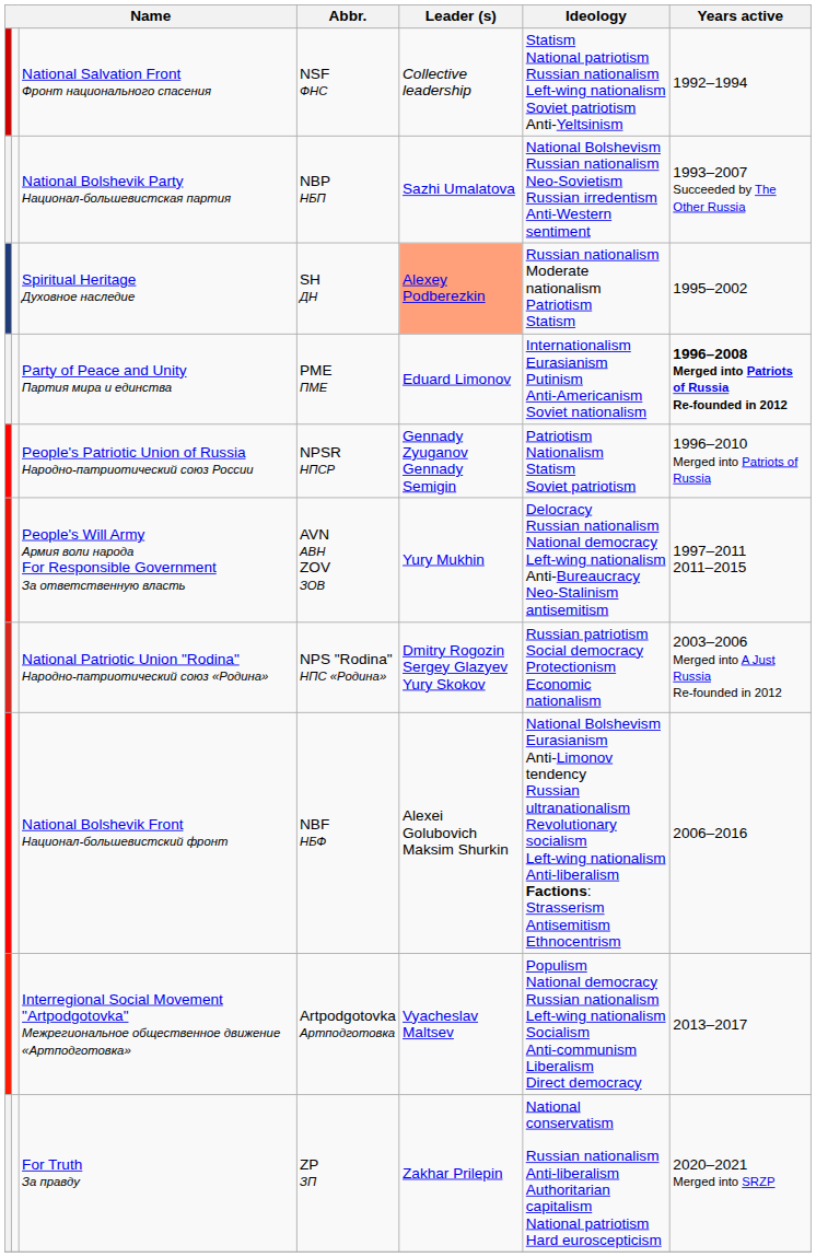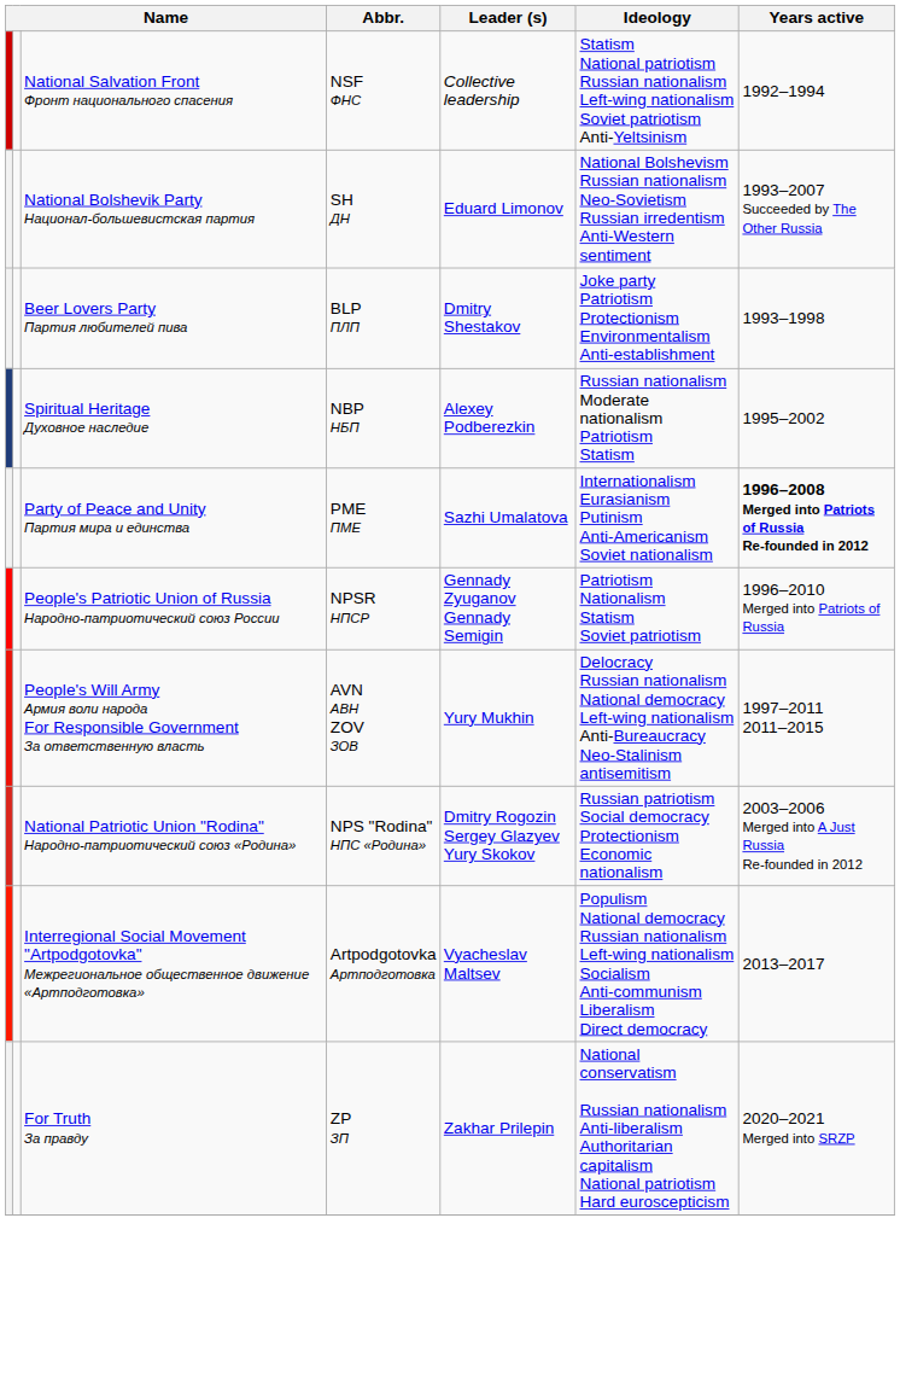 <table class="wikitable sortable">
 <tr>
 <th colspan=3>Name</th>
 <th>Abbr.</th>
 <th>Leader (s)</th>
 <th>Ideology</th>
 <th>Years active</th>
 </tr>
 <tr>
 <th style="background:#CD0000;"></th>
 <td></td>
 <td><a href='#'>National Salvation Front</a><br><small><em>Фронт национального спасения</em></small></td>
 <td>NSF<br><small><em>ФНС</em></small></td>
 <td><em>Collective leadership</em></td>
 <td><a href='#'>Statism</a><br><a href='#'>National patriotism</a><br><a href='#'>Russian nationalism</a><br><a href='#'>Left-wing nationalism</a><br><a href='#'>Soviet patriotism</a><br>Anti-<a href='#'>Yeltsinism</a></td>
 <td>1992–1994<br></td>
 </tr>
 <tr>
 <th style="background:"></th>
 <td></td>
 <td><a href='#'>National Bolshevik Party</a><br><small><em>Национал-большевистская партия</em></small></td>
-<td>NBP<br><small><em>НБП</em></small></td>
-<td><a href='#'>Sazhi Umalatova</a></td>
+<td>SH<br><small><em>ДН</em></small></td>
+<td><a href='#'>Eduard Limonov</a></td>
 <td><a href='#'>National Bolshevism</a><br><a href='#'>Russian nationalism</a><br><a href='#'>Neo-Sovietism</a><br><a href='#'>Russian irredentism</a><br><a href='#'>Anti-Western sentiment</a></td>
 <td>1993–2007<br><small>Succeeded by <a href='#'>The Other Russia</a></small></td>
+</tr>
+<tr>
+<th style="background:"></th>
+<td></td>
+<td><a href='#'>Beer Lovers Party</a><br><small><em>Партия любителей пива</em></small></td>
+<td>BLP<br><small><em>ПЛП</em></small></td>
+<td><a href='#'>Dmitry Shestakov</a><br></td>
+<td><a href='#'>Joke party</a><br><a href='#'>Patriotism</a><br><a href='#'>Protectionism</a><br><a href='#'>Environmentalism</a><br><a href='#'>Anti-establishment</a></td>
+<td>1993–1998</td>
 </tr>
 <tr>
 <th style="background:#1F3C79;"></th>
 <td></td>
 <td><a href='#'>Spiritual Heritage</a><br><small><em>Духовное наследие</em></small></td>
-<td>SH<br><small><em>ДН</em></small></td>
-<td style="background: lightsalmon;"><a href='#'>Alexey Podberezkin</a></td>
+<td>NBP<br><small><em>НБП</em></small></td>
+<td><a href='#'>Alexey Podberezkin</a></td>
 <td><a href='#'>Russian nationalism</a><br>Moderate nationalism<br><a href='#'>Patriotism</a><br><a href='#'>Statism</a></td>
 <td>1995–2002</td>
 </tr>
 <tr>
 <th style="background:"></th>
 <td></td>
 <td><a href='#'>Party of Peace and Unity</a><br><small><em>Партия мира и единства</em></small></td>
 <td>PME<br><small><em>ПМЕ</em></small></td>
-<td><a href='#'>Eduard Limonov</a></td>
+<td><a href='#'>Sazhi Umalatova</a></td>
 <td><a href='#'>Internationalism</a><br><a href='#'>Eurasianism</a><br><a href='#'>Putinism</a><br><a href='#'>Anti-Americanism</a><br><a href='#'>Soviet nationalism</a></td>
 <td><strong>1996–2008<br><small>Merged into <a href='#'>Patriots of Russia</a><br>Re-founded in 2012</small></strong></td>
 </tr>
 <tr>
 <th style="background:#FF0301"></th>
 <td></td>
 <td><a href='#'>People's Patriotic Union of Russia</a><br><small><em>Народно-патриотический союз России</em></small></td>
 <td>NPSR<br><small><em>НПСР</em></small></td>
 <td><a href='#'>Gennady Zyuganov</a><br><a href='#'>Gennady Semigin</a></td>
 <td><a href='#'>Patriotism</a><br><a href='#'>Nationalism</a><br><a href='#'>Statism</a><br><a href='#'>Soviet patriotism</a></td>
 <td>1996–2010<br><small>Merged into <a href='#'>Patriots of Russia</a></small></td>
 </tr>
 <tr>
 <th style="background:#EC1208;"></th>
 <td></td>
 <td><a href='#'>People's Will Army</a><br><small><em>Армия воли народа</em></small><br><a href='#'>For Responsible Government</a><br><small><em>За ответственную власть</em></small></td>
 <td>AVN<br><small><em>АВН</em></small><br>ZOV<br><small><em>ЗОВ</em></small></td>
 <td><a href='#'>Yury Mukhin</a></td>
 <td><a href='#'>Delocracy</a><br><a href='#'>Russian nationalism</a><br><a href='#'>National democracy</a><br><a href='#'>Left-wing nationalism</a><br>Anti-<a href='#'>Bureaucracy</a><br><a href='#'>Neo-Stalinism</a><br><a href='#'>antisemitism</a></td>
 <td>1997–2011<br>2011–2015</td>
 </tr>
 <tr>
 <th style="background:#DA251C"></th>
 <td></td>
 <td><a href='#'>National Patriotic Union "Rodina"</a><br><small><em>Народно-патриотический союз «Родина»</em></small></td>
 <td>NPS "Rodina"<br><small><em>НПС «Родина»</em></small></td>
 <td><a href='#'>Dmitry Rogozin</a><br><a href='#'>Sergey Glazyev</a><br><a href='#'>Yury Skokov</a></td>
 <td><a href='#'>Russian patriotism</a><br><a href='#'>Social democracy</a><br><a href='#'>Protectionism</a><br><a href='#'>Economic nationalism</a></td>
 <td>2003–2006<br><small>Merged into <a href='#'>A Just Russia</a><br>Re-founded in 2012</small></td>
 </tr>
 <tr>
-<th style="background:#FF0000;"></th>
-<td></td>
-<td><a href='#'>National Bolshevik Front</a><br><small><em>Национал-большевистский фронт</em></small></td>
-<td>NBF<br><small><em>НБФ</em></small></td>
-<td>Alexei Golubovich<br>Maksim Shurkin</td>
-<td><a href='#'>National Bolshevism</a><br><a href='#'>Eurasianism</a><br>Anti-<a href='#'>Limonov</a> tendency<br><a href='#'>Russian</a> <a href='#'>ultranationalism</a><br><a href='#'>Revolutionary socialism</a><br><a href='#'>Left-wing nationalism</a><br><a href='#'>Anti-liberalism</a><br><strong>Factions</strong>:<br><a href='#'>Strasserism</a><br><a href='#'>Antisemitism</a><br><a href='#'>Ethnocentrism</a></td>
-<td>2006–2016</td>
-</tr>
-<tr>
 <th style="background:#FF1900;"></th>
 <td></td>
 <td><a href='#'>Interregional Social Movement "Artpodgotovka"</a><br><small><em>Межрегиональное общественное движение «Артподготовка»</em></small></td>
 <td>Artpodgotovka<br><small><em>Артподготовка</em></small></td>
 <td><a href='#'>Vyacheslav Maltsev</a></td>
 <td><a href='#'>Populism</a><br><a href='#'>National democracy</a><br><a href='#'>Russian nationalism</a><br><a href='#'>Left-wing nationalism</a><br><a href='#'>Socialism</a><br><a href='#'>Anti-communism</a><br><a href='#'>Liberalism</a><br><a href='#'>Direct democracy</a></td>
 <td>2013–2017</td>
 </tr>
 <tr>
 <th style="background:"></th>
 <td></td>
 <td><a href='#'>For Truth</a><br><small><em>За правду</em></small></td>
 <td>ZP<br><small><em>ЗП</em></small></td>
 <td><a href='#'>Zakhar Prilepin</a></td>
 <td><a href='#'>National conservatism</a><br><br><a href='#'>Russian nationalism</a><br><a href='#'>Anti-liberalism</a><br><a href='#'>Authoritarian capitalism</a><br><a href='#'>National patriotism</a><br><a href='#'>Hard euroscepticism</a></td>
 <td>2020–2021<br><small>Merged into <a href='#'>SRZP</a></small></td>
 </tr>
 <tr>
 </tr>
 </table>
